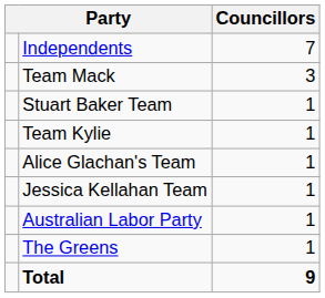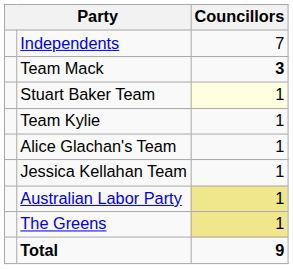 <table class="wikitable">
 <tr>
 <th colspan="2">Party</th>
 <th>Councillors</th>
 </tr>
 <tr>
 <td> </td>
 <td><a href='#'>Independents</a></td>
 <td align=right>7</td>
 </tr>
 <tr>
 <td> </td>
 <td>Team Mack</td>
-<td align=right>3</td>
+<td align=right><strong>3</strong></td>
 </tr>
 <tr>
 <td> </td>
 <td>Stuart Baker Team</td>
-<td align=right>1</td>
+<td align=right style="background: lightyellow;">1</td>
 </tr>
 <tr>
 <td> </td>
 <td>Team Kylie</td>
 <td align=right>1</td>
 </tr>
 <tr>
 <td> </td>
 <td>Alice Glachan's Team</td>
 <td align=right>1</td>
 </tr>
 <tr>
 <td> </td>
 <td>Jessica Kellahan Team</td>
 <td align=right>1</td>
 </tr>
 <tr>
 <td> </td>
 <td><a href='#'>Australian Labor Party</a></td>
-<td align=right>1</td>
+<td align=right style="background: khaki;">1</td>
 </tr>
 <tr>
 <td> </td>
 <td><a href='#'>The Greens</a></td>
-<td align=right>1</td>
+<td align=right style="background: khaki;">1</td>
 </tr>
 <tr>
 <td></td>
 <td><strong>Total</strong></td>
 <td align=right><strong>9</strong></td>
 </tr>
 </table>
